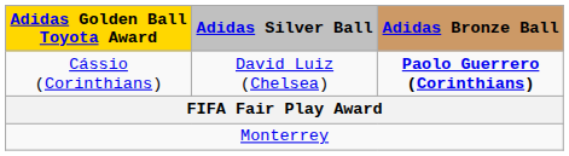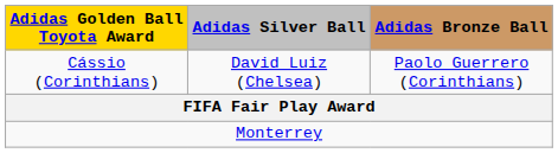 <table class="wikitable" style="text-align:center">
 <tr>
 <th style="background:gold; width:33%"><a href='#'>Adidas</a> Golden Ball<br><a href='#'>Toyota</a> Award</th>
 <th style="background:silver; width:33%"><a href='#'>Adidas</a> Silver Ball</th>
 <th style="background:#CC9966; width:33%"><a href='#'>Adidas</a> Bronze Ball</th>
 </tr>
 <tr>
 <td> <a href='#'>Cássio</a><br>(<a href='#'>Corinthians</a>)</td>
 <td> <a href='#'>David Luiz</a><br>(<a href='#'>Chelsea</a>)</td>
-<td><strong> <a href='#'>Paolo Guerrero</a><br>(<a href='#'>Corinthians</a>)</strong></td>
+<td> <a href='#'>Paolo Guerrero</a><br>(<a href='#'>Corinthians</a>)</td>
 </tr>
 <tr>
 <th colspan="3">FIFA Fair Play Award</th>
 </tr>
 <tr>
 <td colspan="3"> <a href='#'>Monterrey</a></td>
 </tr>
 </table>
